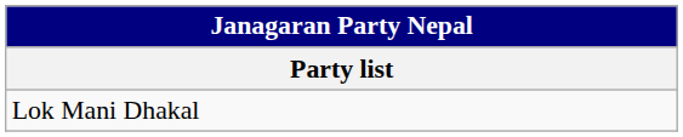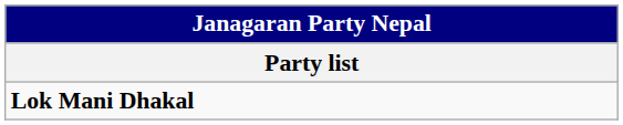 <table class="wikitable mw-collapsible mw-collapsed" role="presentation">
 <tr>
 <th style="width: 300pt; background:navy; color: white;">Janagaran Party Nepal</th>
 </tr>
 <tr>
 <th>Party list</th>
 </tr>
 <tr>
-<td>Lok Mani Dhakal</td>
+<td><strong>Lok Mani Dhakal</strong></td>
 </tr>
 </table>
